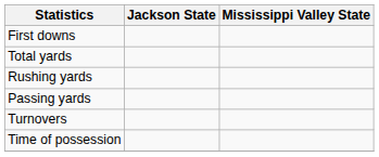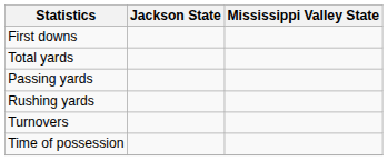 <table class="wikitable">
 <tr>
 <th>Statistics</th>
 <th>Jackson State</th>
 <th>Mississippi Valley State</th>
 </tr>
 <tr>
 <td>First downs</td>
 <td></td>
 <td> </td>
 </tr>
 <tr>
 <td>Total yards</td>
 <td></td>
 <td> </td>
 </tr>
 <tr>
-<td>Rushing yards</td>
+<td>Passing yards</td>
 <td></td>
 <td> </td>
 </tr>
 <tr>
-<td>Passing yards</td>
+<td>Rushing yards</td>
 <td></td>
 <td> </td>
 </tr>
 <tr>
 <td>Turnovers</td>
 <td></td>
 <td> </td>
 </tr>
 <tr>
 <td>Time of possession</td>
 <td></td>
 <td> </td>
 </tr>
 <tr>
 </tr>
 </table>
